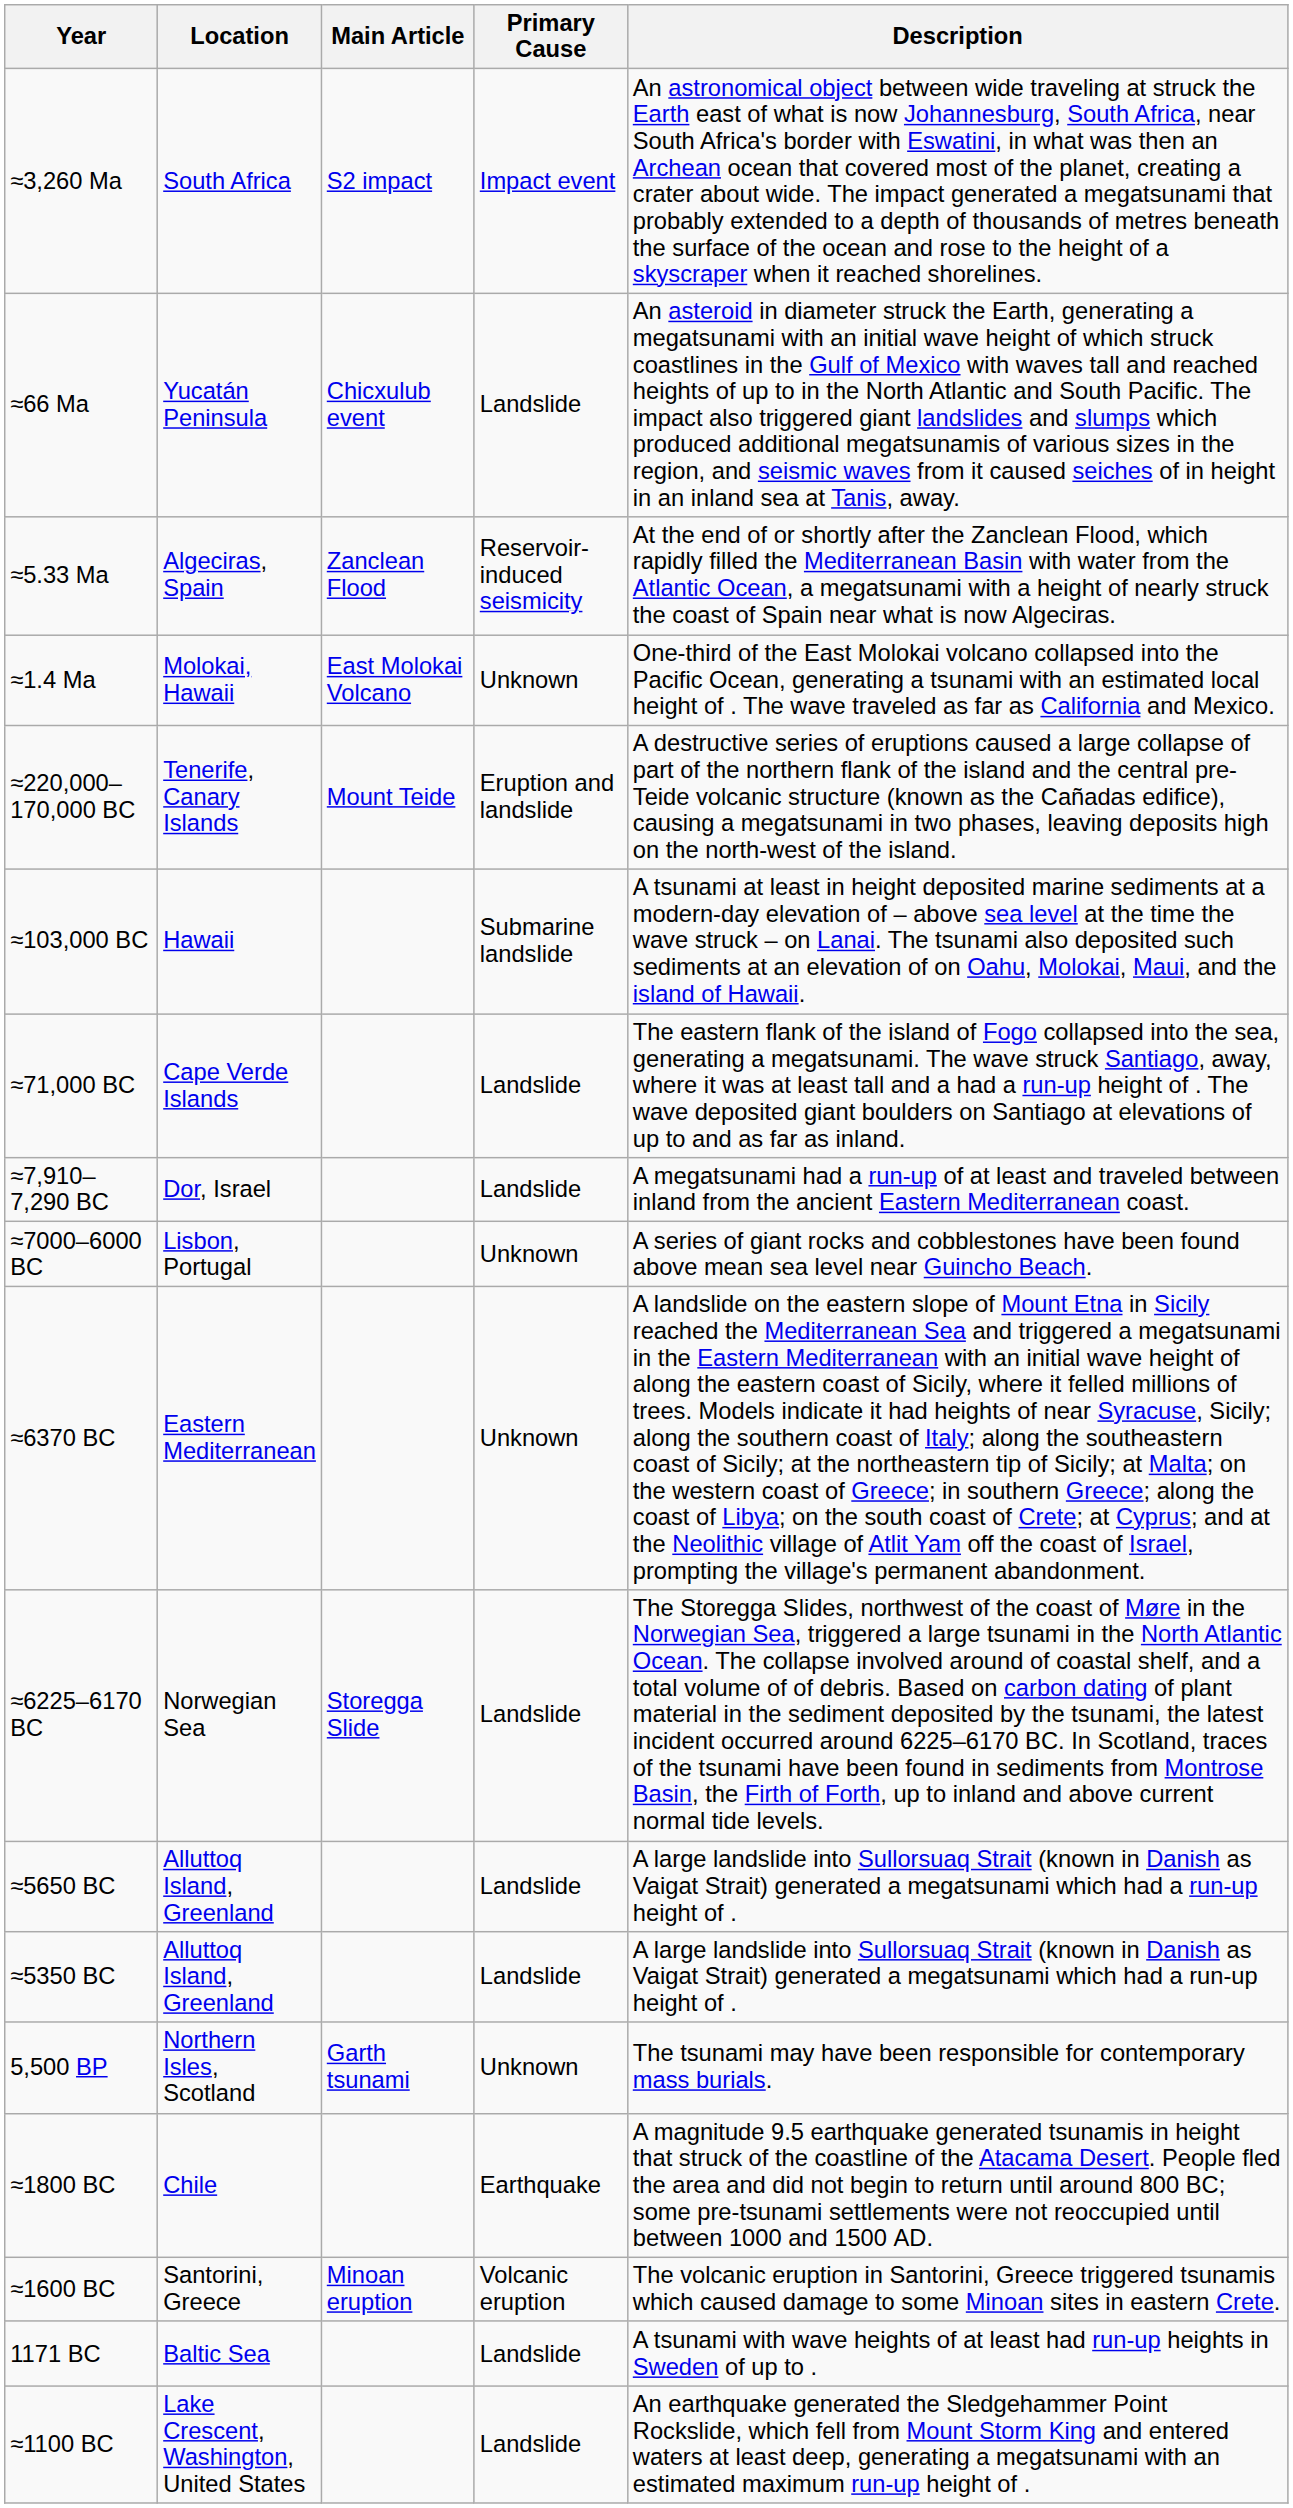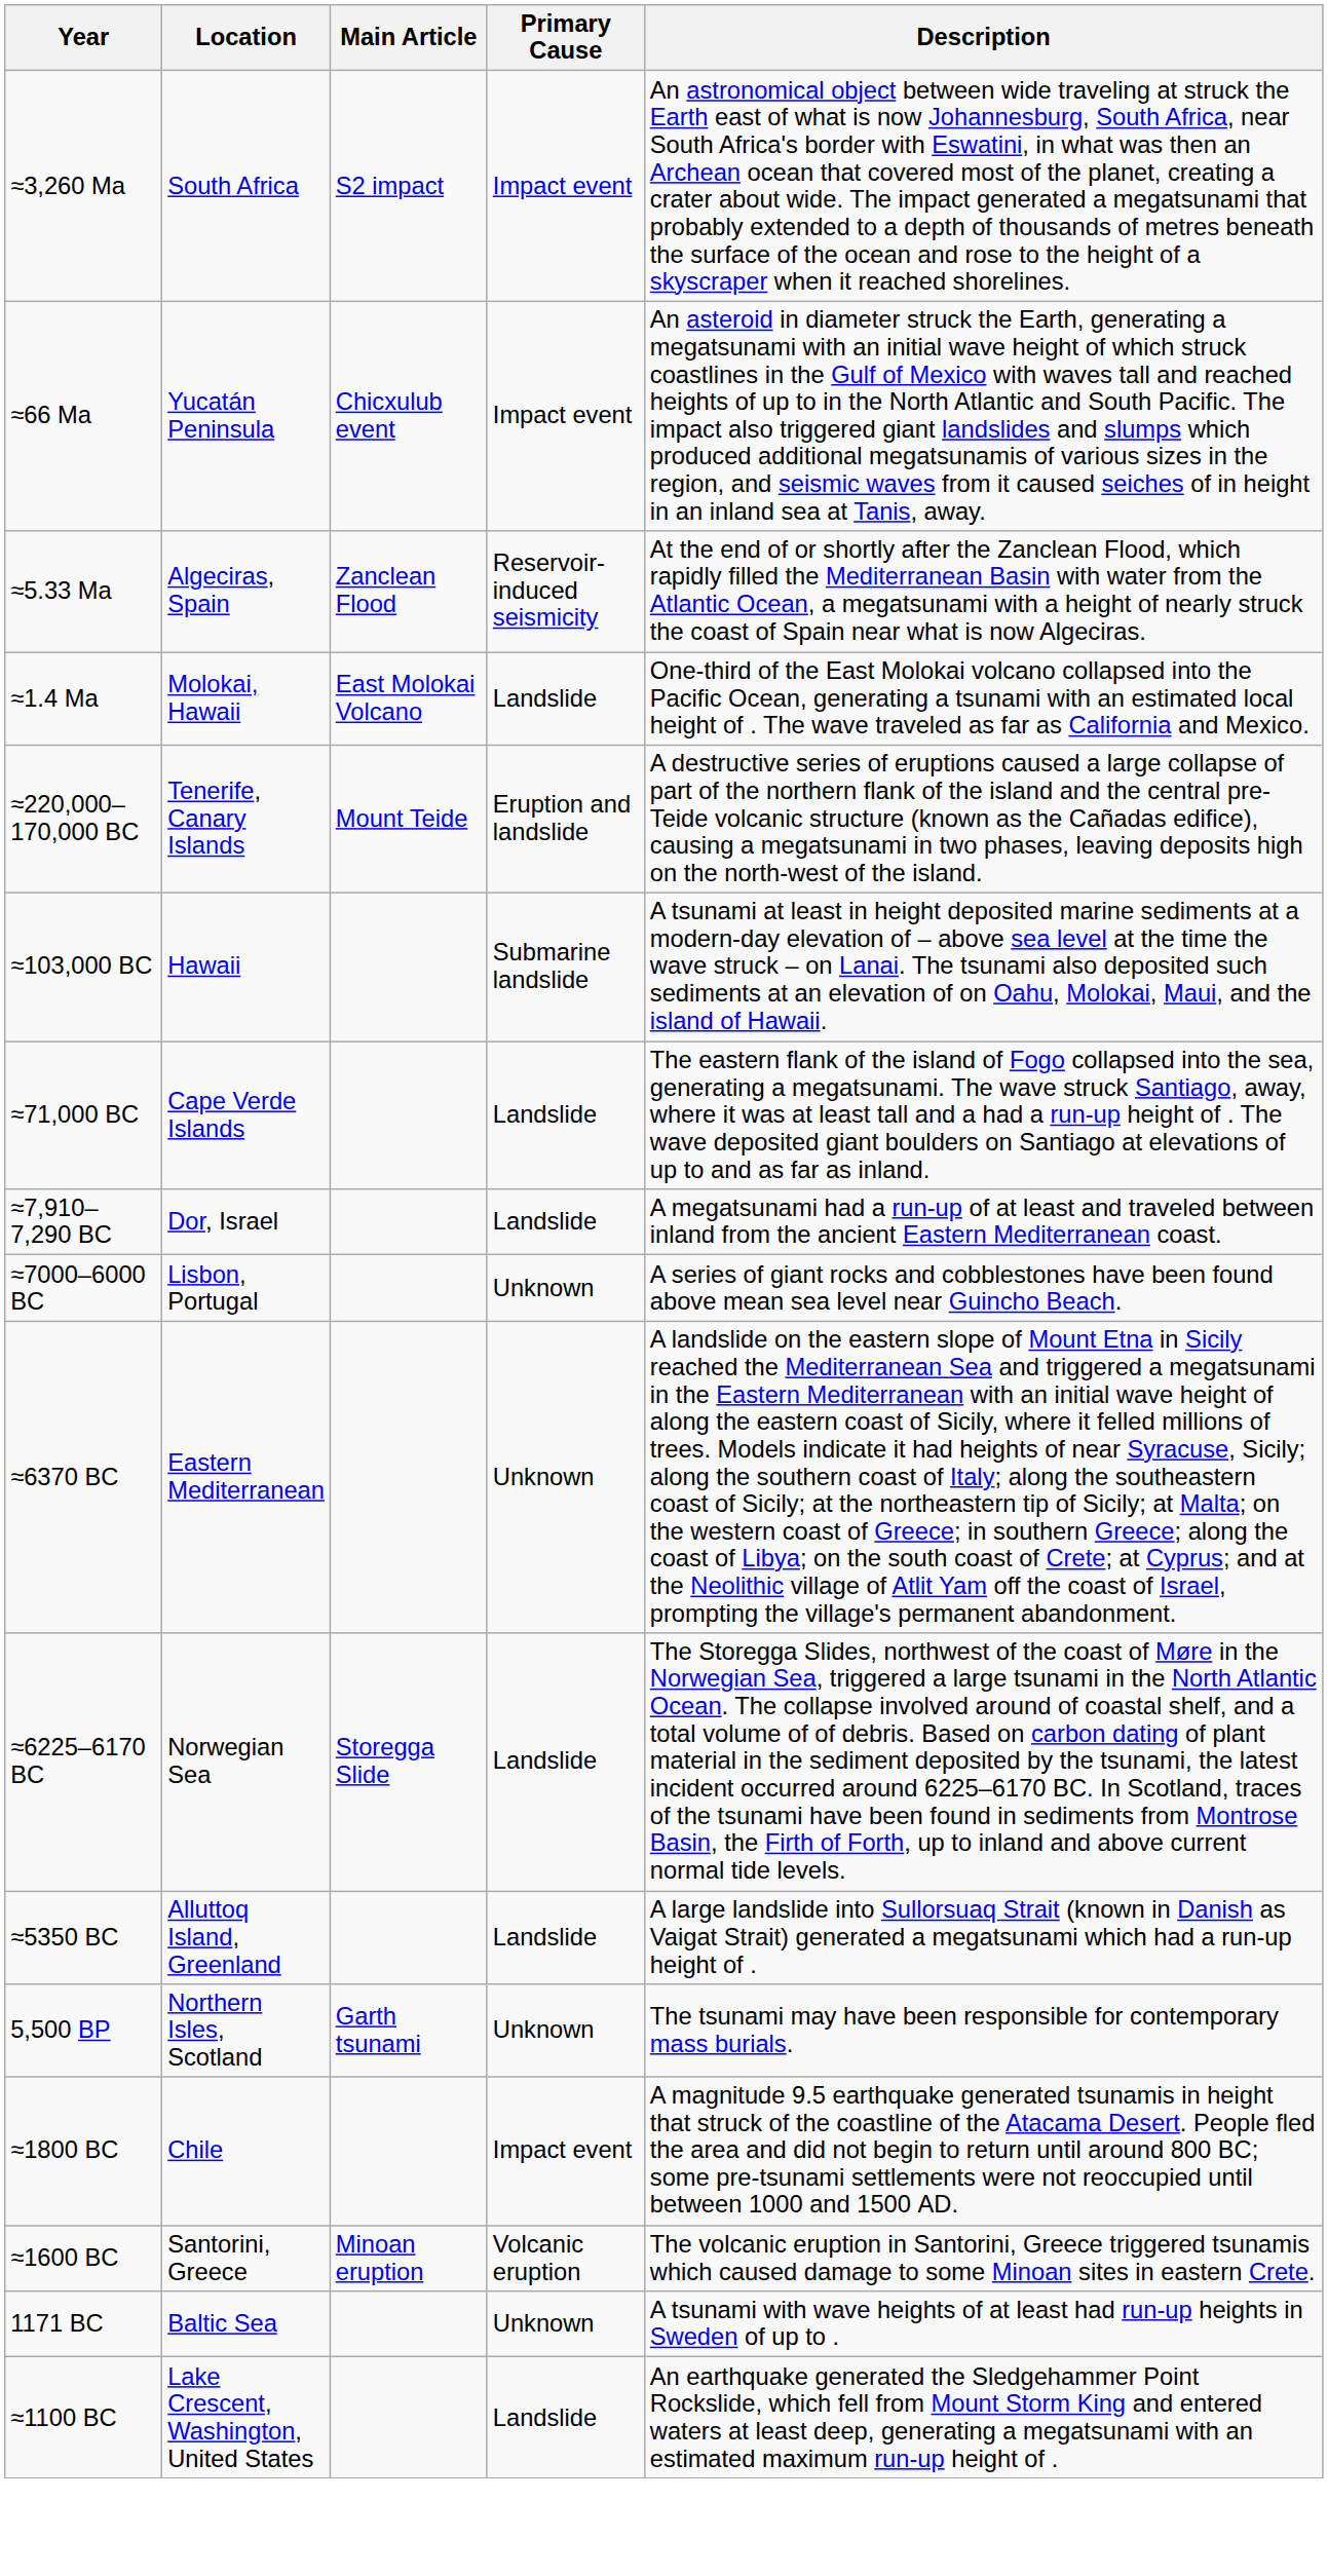 <table class="wikitable sortable">
 <tr>
 <th style="width:6em;">Year</th>
 <th style="width:6em;">Location</th>
 <th style="width:6em;">Main Article</th>
 <th style="width:6em;">Primary Cause</th>
 <th>Description</th>
 </tr>
 <tr>
 <td data-sort-value="-3260000000">≈3,260 Ma</td>
 <td><a href='#'>South Africa</a></td>
 <td><a href='#'>S2 impact</a></td>
 <td><a href='#'>Impact event</a></td>
 <td>An <a href='#'>astronomical object</a> between  wide traveling at  struck the <a href='#'>Earth</a> east of what is now <a href='#'>Johannesburg</a>, <a href='#'>South Africa</a>, near South Africa's border with <a href='#'>Eswatini</a>, in what was then an <a href='#'>Archean</a> ocean that covered most of the planet, creating a crater about  wide. The impact generated a megatsunami that probably extended to a depth of thousands of metres beneath the surface of the ocean and rose to the height of a <a href='#'>skyscraper</a> when it reached shorelines.</td>
 </tr>
 <tr>
 <td data-sort-value="-66000000">≈66 Ma</td>
 <td><a href='#'>Yucatán Peninsula</a></td>
 <td><a href='#'>Chicxulub event</a></td>
-<td>Landslide</td>
+<td>Impact event</td>
 <td>An <a href='#'>asteroid</a>  in diameter struck the Earth, generating a megatsunami with an initial wave height of  which struck coastlines in the <a href='#'>Gulf of Mexico</a> with waves  tall and reached heights of up to  in the North Atlantic and South Pacific. The impact also triggered giant <a href='#'>landslides</a> and <a href='#'>slumps</a> which produced additional megatsunamis of various sizes in the region, and <a href='#'>seismic waves</a> from it caused <a href='#'>seiches</a> of  in height in an inland sea at <a href='#'>Tanis</a>,  away.</td>
 </tr>
 <tr>
 <td data-sort-value="-5330000">≈5.33 Ma</td>
 <td><a href='#'>Algeciras</a>, <a href='#'>Spain</a></td>
 <td><a href='#'>Zanclean Flood</a></td>
 <td>Reservoir-induced <a href='#'>seismicity</a></td>
 <td>At the end of or shortly after the Zanclean Flood, which rapidly filled the <a href='#'>Mediterranean Basin</a> with water from the <a href='#'>Atlantic Ocean</a>, a megatsunami with a height of nearly  struck the coast of Spain near what is now Algeciras.</td>
 </tr>
 <tr>
 <td data-sort-value="-1400000">≈1.4 Ma</td>
 <td><a href='#'>Molokai, Hawaii</a></td>
 <td><a href='#'>East Molokai Volcano</a></td>
-<td>Unknown</td>
+<td>Landslide</td>
 <td>One-third of the East Molokai volcano collapsed into the Pacific Ocean, generating a tsunami with an estimated local height of . The wave traveled as far as <a href='#'>California</a> and Mexico.</td>
 </tr>
 <tr>
 <td>≈220,000–170,000 BC</td>
 <td><a href='#'>Tenerife</a>, <a href='#'>Canary Islands</a></td>
 <td><a href='#'>Mount Teide</a></td>
 <td>Eruption and landslide</td>
 <td>A destructive series of eruptions caused a large collapse of part of the northern flank of the island and the central pre-Teide volcanic structure (known as the Cañadas edifice), causing a megatsunami in two phases, leaving deposits  high on the north-west of the island.</td>
 </tr>
 <tr>
 <td data-sort-value="-105000">≈103,000 BC</td>
 <td><a href='#'>Hawaii</a></td>
 <td></td>
 <td>Submarine landslide</td>
 <td>A tsunami at least  in height deposited marine sediments at a modern-day elevation of  –  above <a href='#'>sea level</a> at the time the wave struck – on <a href='#'>Lanai</a>. The tsunami also deposited such sediments at an elevation of  on <a href='#'>Oahu</a>, <a href='#'>Molokai</a>, <a href='#'>Maui</a>, and the <a href='#'>island of Hawaii</a>.</td>
 </tr>
 <tr>
 <td data-sort-value="-73000">≈71,000 BC</td>
 <td><a href='#'>Cape Verde Islands</a></td>
 <td></td>
 <td>Landslide</td>
 <td>The eastern flank of the island of <a href='#'>Fogo</a> collapsed into the sea, generating a megatsunami. The wave struck <a href='#'>Santiago</a>,  away, where it was at least  tall and a had a <a href='#'>run-up</a> height of . The wave deposited giant boulders on Santiago at elevations of up to  and as far as  inland.</td>
 </tr>
 <tr>
 <td data-sort-value="-10000">≈7,910–7,290 BC</td>
 <td><a href='#'>Dor</a>, Israel</td>
 <td></td>
 <td>Landslide</td>
 <td>A megatsunami had a <a href='#'>run-up</a> of at least  and traveled between  inland from the ancient <a href='#'>Eastern Mediterranean</a> coast.</td>
 </tr>
 <tr>
 <td data-sort-value="-7000">≈7000–6000 BC</td>
 <td><a href='#'>Lisbon</a>, Portugal</td>
 <td></td>
 <td>Unknown</td>
 <td>A series of giant rocks and cobblestones have been found  above mean sea level near <a href='#'>Guincho Beach</a>.</td>
 </tr>
 <tr>
 <td data-sort-value="-6370">≈6370 BC</td>
 <td><a href='#'>Eastern Mediterranean</a></td>
 <td></td>
 <td>Unknown</td>
 <td>A  landslide on the eastern slope of <a href='#'>Mount Etna</a> in <a href='#'>Sicily</a> reached the <a href='#'>Mediterranean Sea</a> and triggered a megatsunami in the <a href='#'>Eastern Mediterranean</a> with an initial wave height of  along the eastern coast of Sicily, where it felled millions of trees. Models indicate it had heights of  near <a href='#'>Syracuse</a>, Sicily;  along the southern coast of <a href='#'>Italy</a>;  along the southeastern coast of Sicily;  at the northeastern tip of Sicily;  at <a href='#'>Malta</a>;  on the western coast of <a href='#'>Greece</a>;  in southern <a href='#'>Greece</a>;  along the coast of <a href='#'>Libya</a>;  on the south coast of <a href='#'>Crete</a>;  at <a href='#'>Cyprus</a>; and  at the <a href='#'>Neolithic</a> village of <a href='#'>Atlit Yam</a> off the coast of <a href='#'>Israel</a>, prompting the village's permanent abandonment.</td>
 </tr>
 <tr>
 <td data-sort-value="-6225">≈6225–6170 BC</td>
 <td>Norwegian Sea</td>
 <td><a href='#'>Storegga Slide</a></td>
 <td>Landslide</td>
 <td>The Storegga Slides,  northwest of the coast of <a href='#'>Møre</a> in the <a href='#'>Norwegian Sea</a>, triggered a large tsunami in the <a href='#'>North Atlantic Ocean</a>. The collapse involved around  of coastal shelf, and a total volume of  of debris. Based on <a href='#'>carbon dating</a> of plant material in the sediment deposited by the tsunami, the latest incident occurred around 6225–6170 BC. In Scotland, traces of the tsunami have been found in sediments from <a href='#'>Montrose Basin</a>, the <a href='#'>Firth of Forth</a>, up to  inland and  above current normal tide levels.</td>
 </tr>
 <tr>
-<td data-sort-value="-7650">≈5650 BC</td>
-<td><a href='#'>Alluttoq Island</a>, <a href='#'>Greenland</a></td>
-<td></td>
-<td>Landslide</td>
-<td>A large landslide into <a href='#'>Sullorsuaq Strait</a> (known in <a href='#'>Danish</a> as Vaigat Strait) generated a megatsunami which had a <a href='#'>run-up</a> height of .</td>
-</tr>
-<tr>
 <td data-sort-value="-7350">≈5350 BC</td>
 <td><a href='#'>Alluttoq Island</a>, <a href='#'>Greenland</a></td>
 <td></td>
 <td>Landslide</td>
 <td>A large landslide into <a href='#'>Sullorsuaq Strait</a> (known in <a href='#'>Danish</a> as Vaigat Strait) generated a megatsunami which had a run-up height of .</td>
 </tr>
 <tr>
 <td data-sort-value="-3500">5,500 <a href='#'>BP</a></td>
 <td><a href='#'>Northern Isles</a>, Scotland</td>
 <td><a href='#'>Garth tsunami</a></td>
 <td>Unknown</td>
 <td>The tsunami may have been responsible for contemporary <a href='#'>mass burials</a>.</td>
 </tr>
 <tr>
 <td data-sort-value="-3800">≈1800 BC</td>
 <td><a href='#'>Chile</a></td>
 <td></td>
-<td>Earthquake</td>
+<td>Impact event</td>
 <td>A magnitude 9.5 earthquake generated tsunamis  in height that struck  of the coastline of the <a href='#'>Atacama Desert</a>. People fled the area and did not begin to return until around 800 BC; some pre-tsunami settlements were not reoccupied until between 1000 and 1500 AD.</td>
 </tr>
 <tr>
 <td data-sort-value="-1700">≈1600 BC</td>
 <td>Santorini, Greece</td>
 <td><a href='#'>Minoan eruption</a></td>
 <td>Volcanic eruption</td>
 <td>The volcanic eruption in Santorini, Greece triggered tsunamis which caused damage to some <a href='#'>Minoan</a> sites in eastern <a href='#'>Crete</a>.</td>
 </tr>
 <tr>
 <td data-sort-value="-3171">1171 BC</td>
 <td><a href='#'>Baltic Sea</a></td>
 <td></td>
-<td>Landslide</td>
+<td>Unknown</td>
 <td>A tsunami with wave heights of at least  had <a href='#'>run-up</a> heights in <a href='#'>Sweden</a> of up to .</td>
 </tr>
 <tr>
 <td data-sort-value="-3100">≈1100 BC</td>
 <td><a href='#'>Lake Crescent</a>, <a href='#'>Washington</a>, United States</td>
 <td></td>
 <td>Landslide</td>
 <td>An earthquake generated the  Sledgehammer Point Rockslide, which fell from <a href='#'>Mount Storm King</a> and entered waters at least  deep, generating a megatsunami with an estimated maximum <a href='#'>run-up</a> height of .</td>
 </tr>
 </table>
